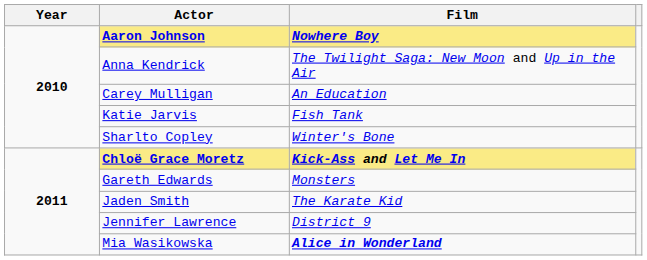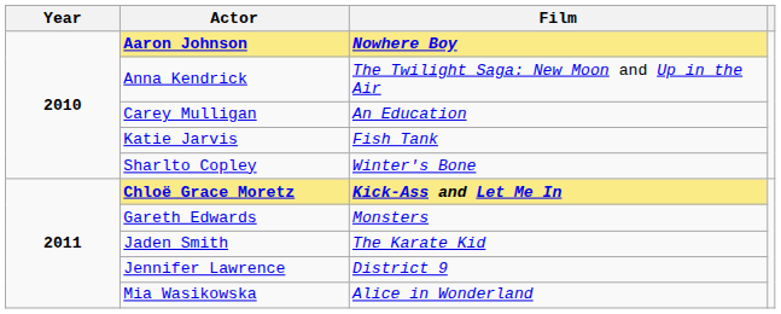 <table class="wikitable" width="50%">
 <tr>
 <th width="15%">Year</th>
 <th width="30%">Actor</th>
 <th width="60%">Film</th>
 <th width="2%"></th>
 </tr>
 <tr>
 <td rowspan="5" style="text-align:center"><strong>2010<br> </strong></td>
 <td style="background:#FAEB86"><strong><a href='#'>Aaron Johnson</a></strong></td>
 <td style="background:#FAEB86"><strong><em><a href='#'>Nowhere Boy</a></em></strong></td>
 <td rowspan="5" style="text-align:center"></td>
 </tr>
 <tr>
 <td><a href='#'>Anna Kendrick</a></td>
 <td><em><a href='#'>The Twilight Saga: New Moon</a></em> and <em><a href='#'>Up in the Air</a></em></td>
 </tr>
 <tr>
 <td><a href='#'>Carey Mulligan</a></td>
 <td><em><a href='#'>An Education</a></em></td>
 </tr>
 <tr>
 <td><a href='#'>Katie Jarvis</a></td>
 <td><em><a href='#'>Fish Tank</a></em></td>
 </tr>
 <tr>
 <td><a href='#'>Sharlto Copley</a></td>
 <td><em><a href='#'>Winter's Bone</a></em></td>
 </tr>
 <tr>
 <td rowspan="5" style="text-align:center"><strong>2011<br> </strong></td>
 <td style="background:#FAEB86"><strong><a href='#'>Chloë Grace Moretz</a></strong></td>
 <td style="background:#FAEB86"><strong><em><a href='#'>Kick-Ass</a><em> and </em><a href='#'>Let Me In</a></em></strong></td>
 <td rowspan="5" style="text-align:center"></td>
 </tr>
 <tr>
 <td><a href='#'>Gareth Edwards</a></td>
 <td><em><a href='#'>Monsters</a></em></td>
 </tr>
 <tr>
 <td><a href='#'>Jaden Smith</a></td>
 <td><em><a href='#'>The Karate Kid</a></em></td>
 </tr>
 <tr>
 <td><a href='#'>Jennifer Lawrence</a></td>
 <td><em><a href='#'>District 9</a></em></td>
 </tr>
 <tr>
 <td><a href='#'>Mia Wasikowska</a></td>
-<td><strong><em><a href='#'>Alice in Wonderland</a></em></strong></td>
+<td><em><a href='#'>Alice in Wonderland</a></em></td>
 </tr>
 </table>
